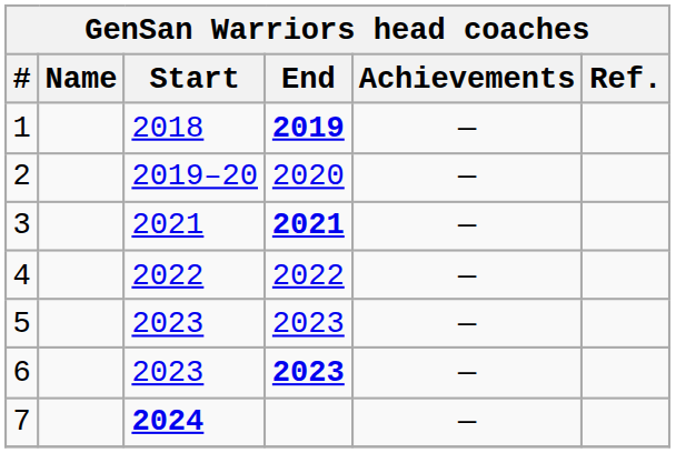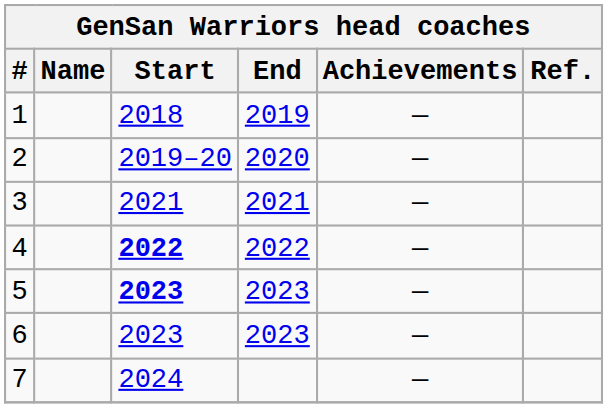 <table class="wikitable sortable">
 <tr>
 <th colspan="6">GenSan Warriors head coaches</th>
 </tr>
 <tr>
 <th>#</th>
 <th>Name</th>
 <th>Start</th>
 <th>End</th>
 <th>Achievements</th>
 <th>Ref.</th>
 </tr>
 <tr>
 <td align=center>1</td>
 <td></td>
 <td><a href='#'>2018</a></td>
-<td><strong><a href='#'>2019</a></strong></td>
+<td><a href='#'>2019</a></td>
 <td align=center>—</td>
 <td></td>
 </tr>
 <tr>
 <td align=center>2</td>
 <td></td>
 <td><a href='#'>2019–20</a></td>
 <td><a href='#'>2020</a></td>
 <td align=center>—</td>
 <td></td>
 </tr>
 <tr>
 <td align=center>3</td>
 <td></td>
 <td><a href='#'>2021</a></td>
-<td><strong><a href='#'>2021</a></strong></td>
+<td><a href='#'>2021</a></td>
 <td align=center>—</td>
 <td></td>
 </tr>
 <tr>
 <td align=center>4</td>
 <td></td>
-<td><a href='#'>2022</a></td>
+<td><strong><a href='#'>2022</a></strong></td>
 <td><a href='#'>2022</a></td>
 <td align=center>—</td>
 <td></td>
 </tr>
 <tr>
 <td align=center>5</td>
 <td></td>
-<td><a href='#'>2023</a></td>
+<td><strong><a href='#'>2023</a></strong></td>
 <td><a href='#'>2023</a></td>
 <td align=center>—</td>
 <td></td>
 </tr>
 <tr>
 <td align=center>6</td>
 <td></td>
 <td><a href='#'>2023</a></td>
-<td><strong><a href='#'>2023</a></strong></td>
+<td><a href='#'>2023</a></td>
 <td align=center>—</td>
 <td></td>
 </tr>
 <tr>
 <td align=center>7</td>
 <td></td>
-<td><strong><a href='#'>2024</a></strong></td>
+<td><a href='#'>2024</a></td>
 <td></td>
 <td align=center>—</td>
 <td></td>
 </tr>
 <tr>
 </tr>
 </table>
